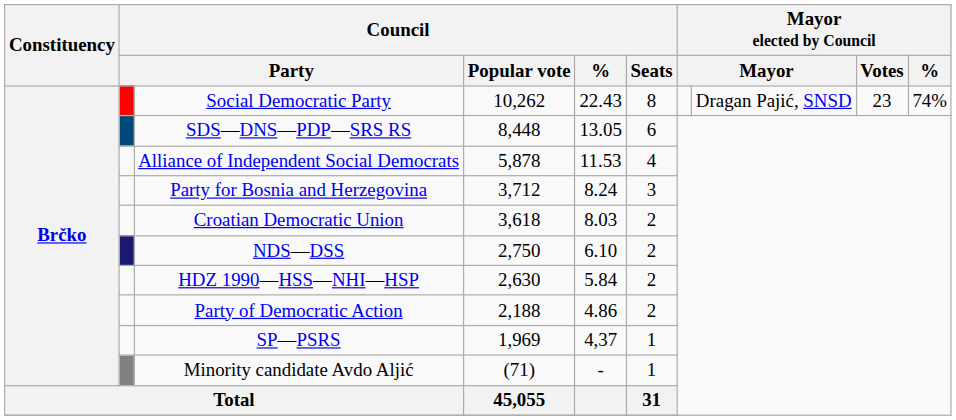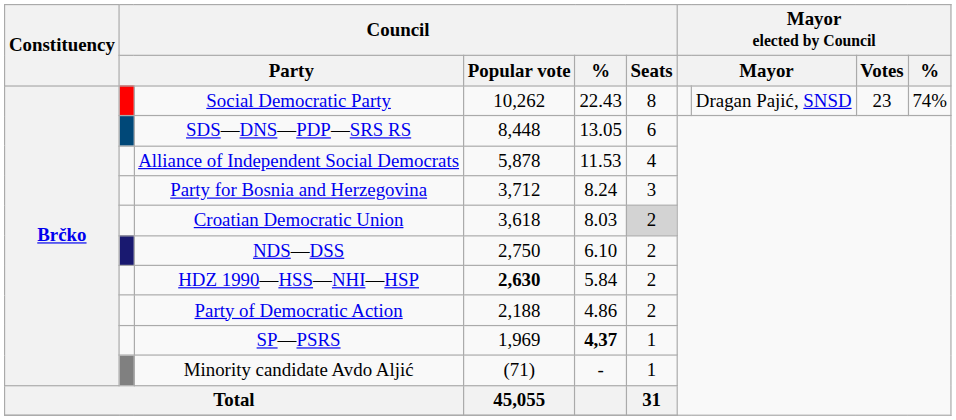 <table class="wikitable">
 <tr>
 <th rowspan=2>Constituency</th>
 <th colspan=5>Council</th>
 <th colspan=5>Mayor<br><small>elected by Council</small></th>
 </tr>
 <tr>
 <th colspan=2>Party</th>
 <th>Popular vote</th>
 <th>%</th>
 <th>Seats</th>
 <th colspan=2>Mayor</th>
 <th>Votes</th>
 <th>%</th>
 </tr>
 <tr>
 <th rowspan=10><a href='#'>Brčko</a></th>
 <td width=5px style="background-color:#FF0000"></td>
 <td align=center><a href='#'>Social Democratic Party</a></td>
 <td align=center>10,262</td>
 <td align=center>22.43</td>
 <td align=center>8</td>
 <td width=5px style="background-color:"></td>
 <td>Dragan Pajić, <a href='#'>SNSD</a></td>
 <td align=center>23</td>
 <td align=center>74%</td>
 </tr>
 <tr>
 <td width=5px style="background-color:#004878"></td>
 <td align=center><a href='#'>SDS</a>—<a href='#'>DNS</a>—<a href='#'>PDP</a>—<a href='#'>SRS RS</a></td>
 <td align=center>8,448</td>
 <td align=center>13.05</td>
 <td align=center>6</td>
 </tr>
 <tr>
 <td width=5px style="background-color:"></td>
 <td align=center><a href='#'>Alliance of Independent Social Democrats</a></td>
 <td align=center>5,878</td>
 <td align=center>11.53</td>
 <td align=center>4</td>
 </tr>
 <tr>
 <td width=5px style="background-color:"></td>
 <td align=center><a href='#'>Party for Bosnia and Herzegovina</a></td>
 <td align=center>3,712</td>
 <td align=center>8.24</td>
 <td align=center>3</td>
 </tr>
 <tr>
 <td width=5px style="background-color:"></td>
 <td align=center><a href='#'>Croatian Democratic Union</a></td>
 <td align=center>3,618</td>
 <td align=center>8.03</td>
-<td align=center>2</td>
+<td align=center style="background: lightgrey;">2</td>
 </tr>
 <tr>
 <td width=5px style="background-color:#191970"></td>
 <td align=center><a href='#'>NDS</a>—<a href='#'>DSS</a></td>
 <td align=center>2,750</td>
 <td align=center>6.10</td>
 <td align=center>2</td>
 </tr>
 <tr>
 <td width=5px style="background-color:"></td>
 <td align=center><a href='#'>HDZ 1990</a>—<a href='#'>HSS</a>—<a href='#'>NHI</a>—<a href='#'>HSP</a></td>
-<td align=center>2,630</td>
+<td align=center><strong>2,630</strong></td>
 <td align=center>5.84</td>
 <td align=center>2</td>
 </tr>
 <tr>
 <td width=5px style="background-color:"></td>
 <td align=center><a href='#'>Party of Democratic Action</a></td>
 <td align=center>2,188</td>
 <td align=center>4.86</td>
 <td align=center>2</td>
 </tr>
 <tr>
 <td width=5px style="background-color:"></td>
 <td align=center><a href='#'>SP</a>—<a href='#'>PSRS</a></td>
 <td align=center>1,969</td>
-<td align=center>4,37</td>
+<td align=center><strong>4,37</strong></td>
 <td align=center>1</td>
 </tr>
 <tr>
 <td width=5px style="background-color:grey"></td>
 <td align=center>Minority candidate Avdo Aljić</td>
 <td align=center>(71)</td>
 <td align=center>-</td>
 <td align=center>1</td>
 </tr>
 <tr>
 <th colspan=3><strong>Total</strong></th>
 <th align=center>45,055</th>
 <th align=center></th>
 <th align=center>31</th>
 </tr>
 <tr>
 </tr>
 </table>
